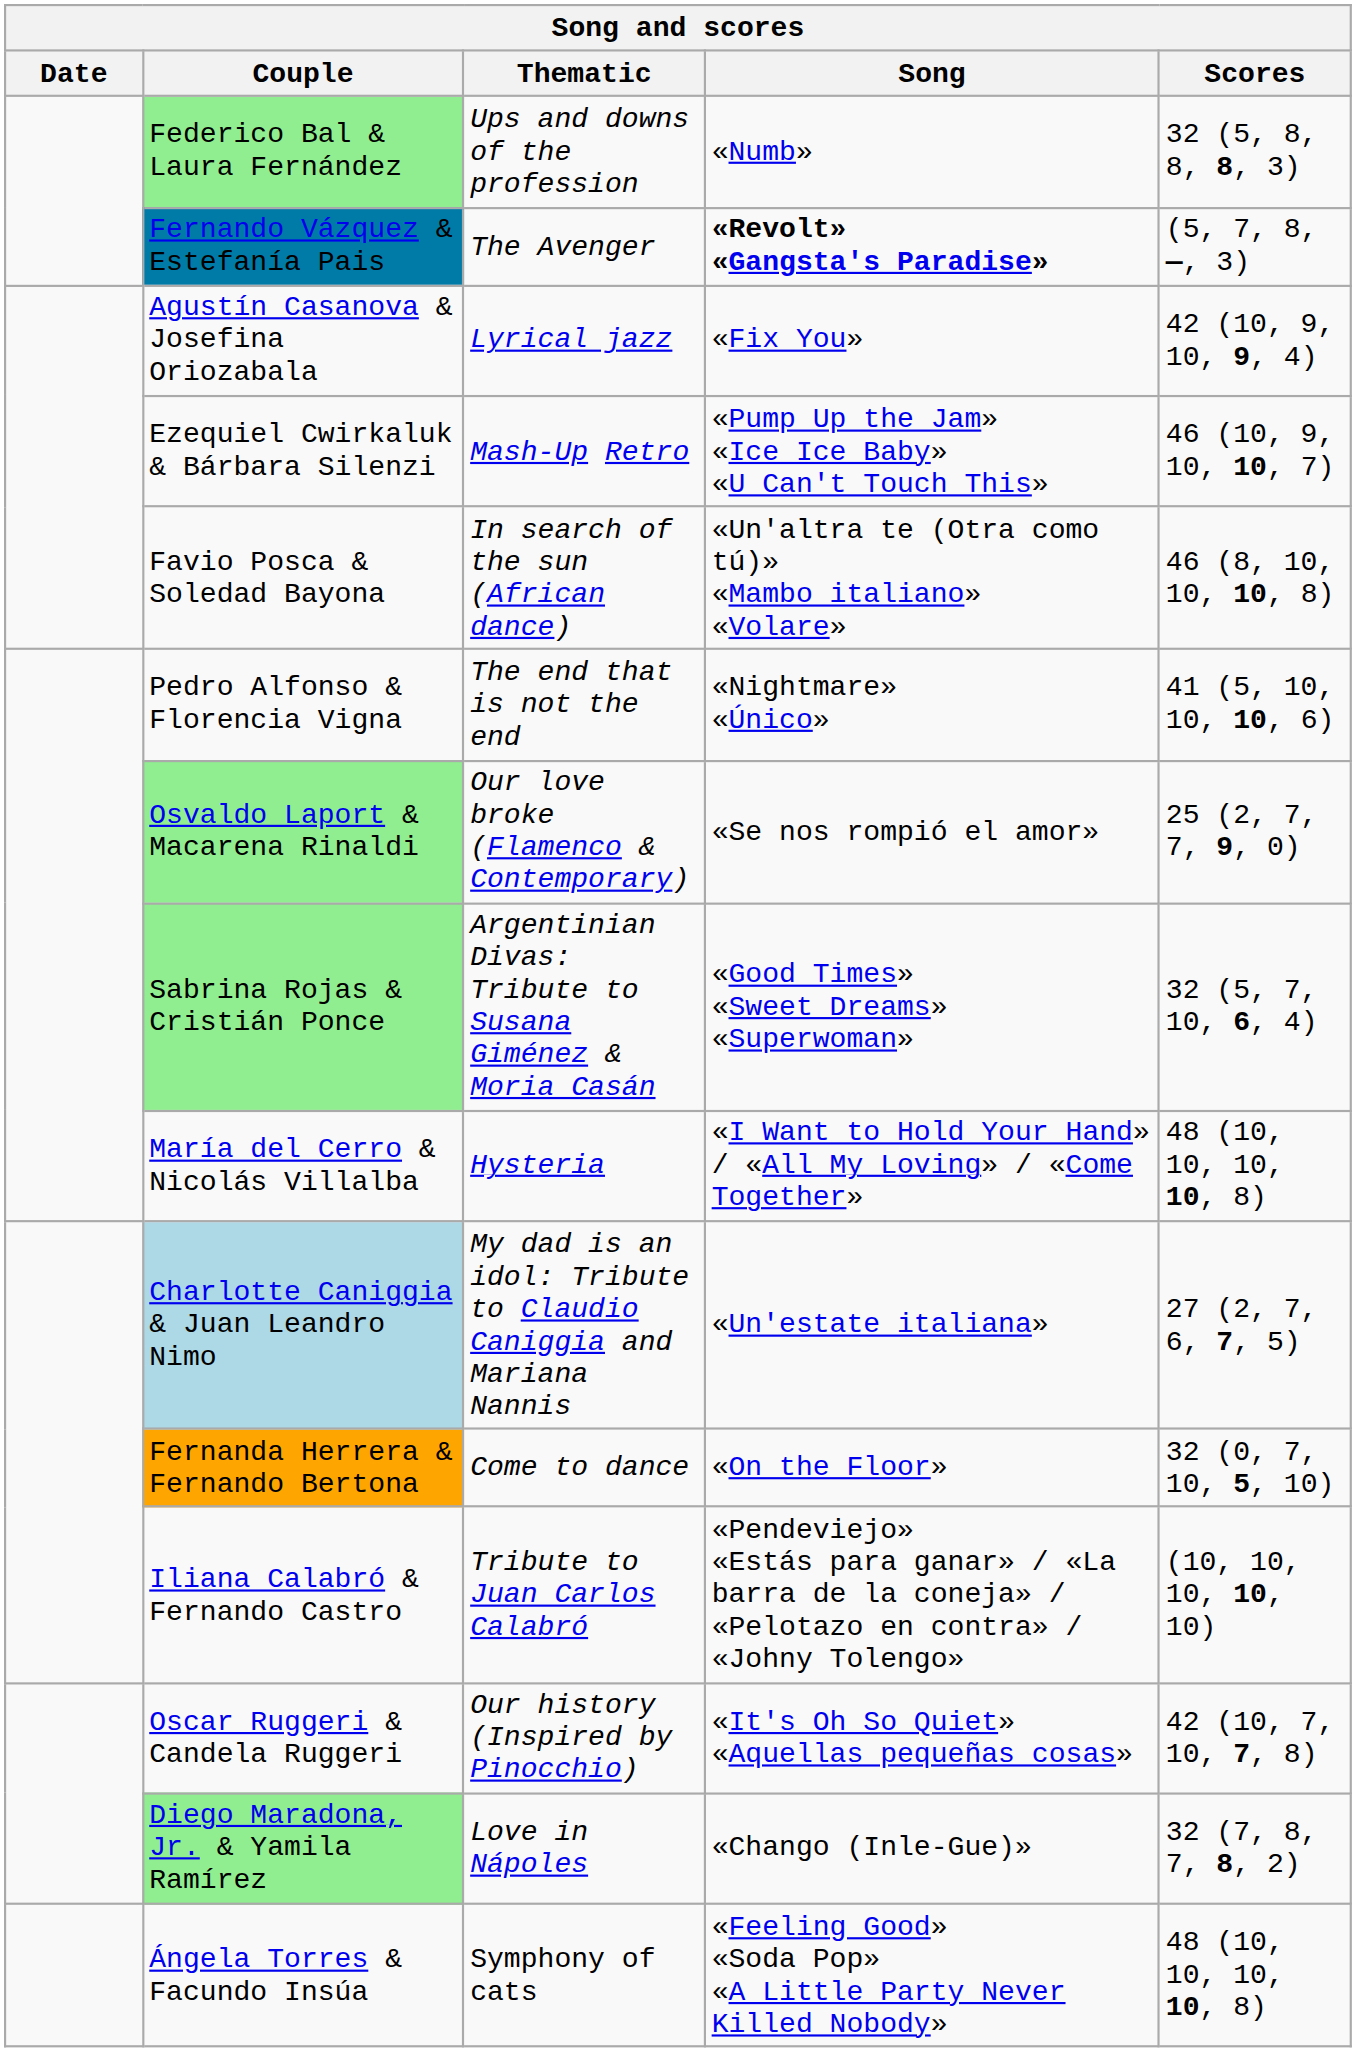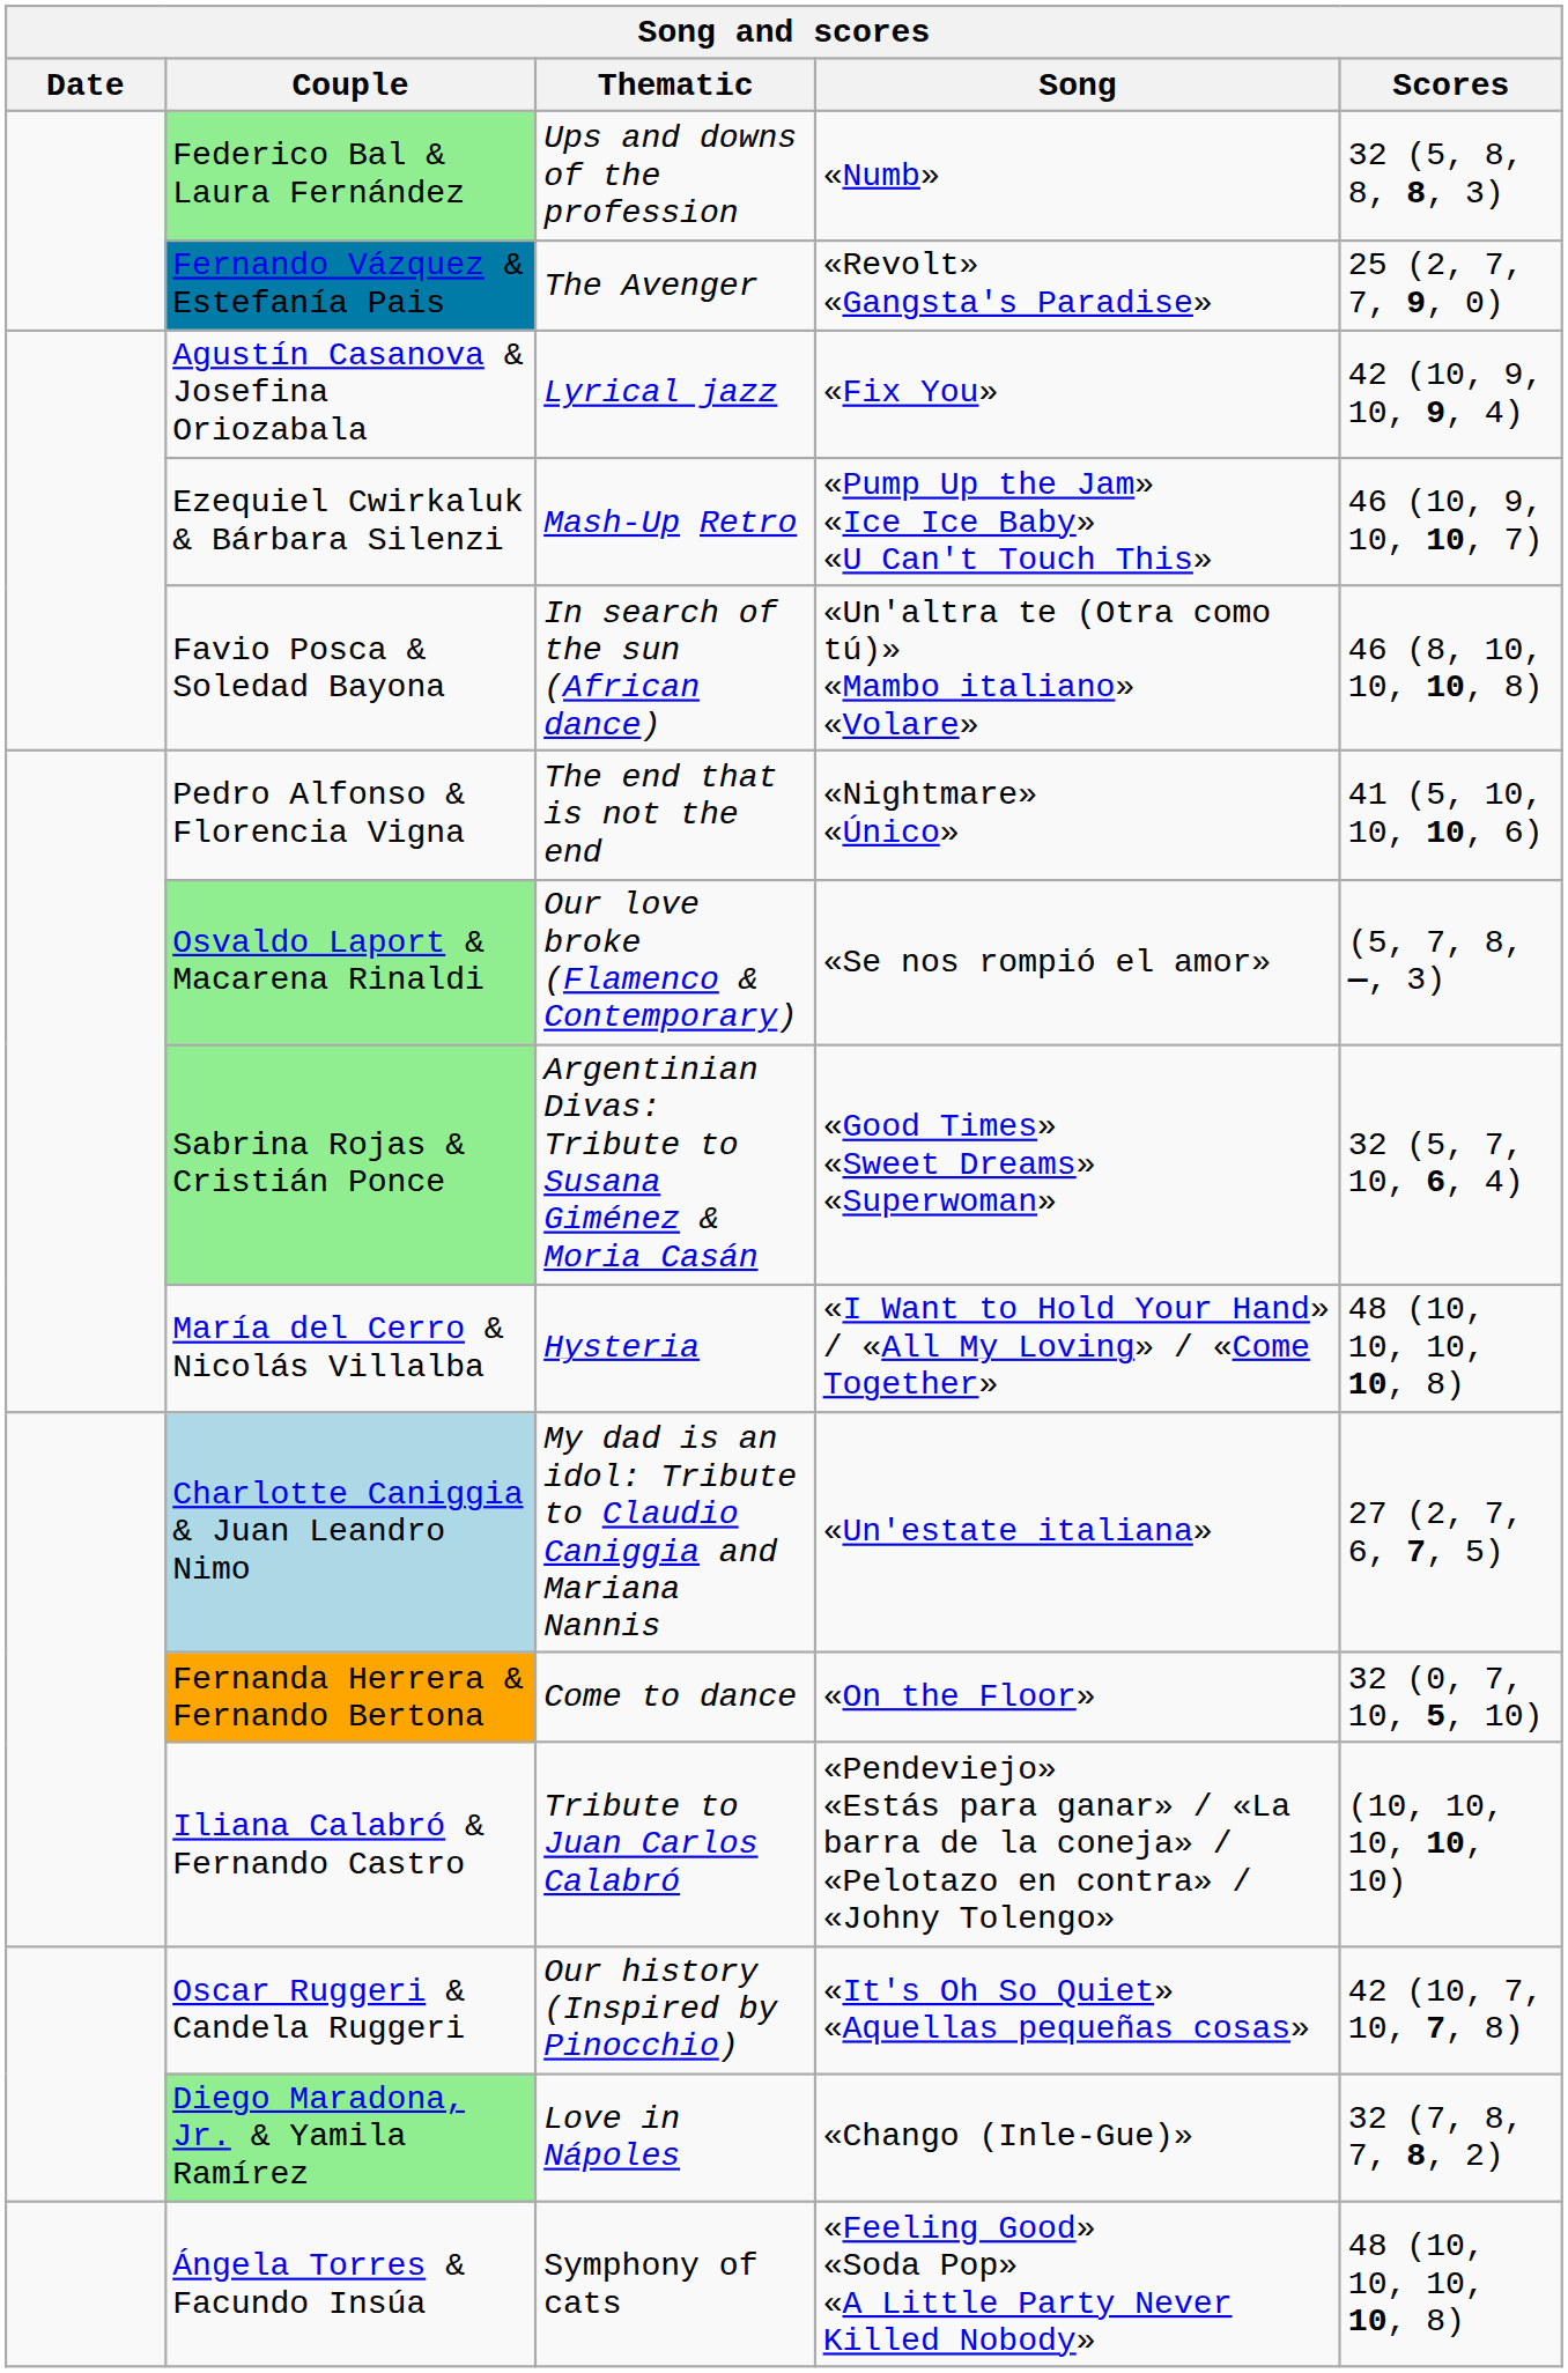 <table class="wikitable collapsible collapsed" style=" text-align: align; width: 100%;">
 <tr>
 <th colspan="11" style="with: 100%;" align="center">Song and scores</th>
 </tr>
 <tr>
 <th width=85>Date</th>
 <th width=210>Couple</th>
 <th width=110>Thematic</th>
 <th width=320>Song</th>
 <th width=120>Scores</th>
 </tr>
 <tr>
 <td rowspan="2"></td>
 <td bgcolor="lightgreen">Federico Bal & Laura Fernández</td>
 <td><em>Ups and downs of the profession</em></td>
 <td>«<a href='#'>Numb</a>» </td>
 <td>32 (5, 8, 8, <strong>8</strong>, 3)</td>
 </tr>
 <tr>
 <td bgcolor="#007BA7"><a href='#'>Fernando Vázquez</a> & Estefanía Pais</td>
 <td><em>The Avenger</em></td>
-<td><strong>«Revolt» <br>«<a href='#'>Gangsta's Paradise</a>» </strong></td>
-<td> (5, 7, 8, <strong>—</strong>, 3)</td>
+<td>«Revolt» <br>«<a href='#'>Gangsta's Paradise</a>» </td>
+<td>25 (2, 7, 7, <strong>9</strong>, 0)</td>
 </tr>
 <tr>
 <td rowspan="3"></td>
 <td bgcolor=""><a href='#'>Agustín Casanova</a> & Josefina Oriozabala</td>
 <td><em><a href='#'>Lyrical jazz</a></em></td>
 <td>«<a href='#'>Fix You</a>» </td>
 <td>42 (10, 9, 10, <strong>9</strong>, 4)</td>
 </tr>
 <tr>
 <td bgcolor="">Ezequiel Cwirkaluk & Bárbara Silenzi</td>
 <td><em><a href='#'>Mash-Up</a> <a href='#'>Retro</a></em></td>
 <td>«<a href='#'>Pump Up the Jam</a>» <br>«<a href='#'>Ice Ice Baby</a>» <br>«<a href='#'>U Can't Touch This</a>» </td>
 <td>46 (10, 9, 10, <strong>10</strong>, 7)</td>
 </tr>
 <tr>
 <td bgcolor="">Favio Posca & Soledad Bayona</td>
 <td><em>In search of the sun<br>(<a href='#'>African dance</a>)</em></td>
 <td>«Un'altra te (Otra como tú)» <br>«<a href='#'>Mambo italiano</a>» <br>«<a href='#'>Volare</a>» </td>
 <td>46 (8, 10, 10, <strong>10</strong>, 8)</td>
 </tr>
 <tr>
 <td rowspan="4"></td>
 <td bgcolor="">Pedro Alfonso & Florencia Vigna</td>
 <td><em>The end that is not the end</em></td>
 <td>«Nightmare» <br>«<a href='#'>Único</a>» </td>
 <td>41 (5, 10, 10, <strong>10</strong>, 6)</td>
 </tr>
 <tr>
 <td bgcolor="lightgreen"><a href='#'>Osvaldo Laport</a> & Macarena Rinaldi</td>
 <td><em>Our love broke<br>(<a href='#'>Flamenco</a> & <a href='#'>Contemporary</a>)</em></td>
 <td>«Se nos rompió el amor» </td>
-<td>25 (2, 7, 7, <strong>9</strong>, 0)</td>
+<td> (5, 7, 8, <strong>—</strong>, 3)</td>
 </tr>
 <tr>
 <td bgcolor="lightgreen">Sabrina Rojas & Cristián Ponce</td>
 <td><em>Argentinian Divas: Tribute to <a href='#'>Susana Giménez</a> & <a href='#'>Moria Casán</a></em></td>
 <td>«<a href='#'>Good Times</a>» <br>«<a href='#'>Sweet Dreams</a>» <br>«<a href='#'>Superwoman</a>» </td>
 <td>32 (5, 7, 10, <strong>6</strong>, 4)</td>
 </tr>
 <tr>
 <td bgcolor=""><a href='#'>María del Cerro</a> & Nicolás Villalba</td>
 <td><em><a href='#'>Hysteria</a></em></td>
 <td>«<a href='#'>I Want to Hold Your Hand</a>» / «<a href='#'>All My Loving</a>» / «<a href='#'>Come Together</a>» </td>
 <td>48 (10, 10, 10, <strong>10</strong>, 8)</td>
 </tr>
 <tr>
 <td rowspan="3"></td>
 <td bgcolor="lightblue"><a href='#'>Charlotte Caniggia</a> & Juan Leandro Nimo</td>
 <td><em>My dad is an idol: Tribute to <a href='#'>Claudio Caniggia</a> and Mariana Nannis</em></td>
 <td>«<a href='#'>Un'estate italiana</a>» </td>
 <td>27 (2, 7, 6, <strong>7</strong>, 5)</td>
 </tr>
 <tr>
 <td bgcolor="orange">Fernanda Herrera & Fernando Bertona</td>
 <td><em>Come to dance</em></td>
 <td>«<a href='#'>On the Floor</a>» </td>
 <td>32 (0, 7, 10, <strong>5</strong>, 10)</td>
 </tr>
 <tr>
 <td bgcolor=""><a href='#'>Iliana Calabró</a> & Fernando Castro</td>
 <td><em>Tribute to <a href='#'>Juan Carlos Calabró</a></em></td>
 <td>«Pendeviejo» <br>«Estás para ganar» / «La barra de la coneja» / «Pelotazo en contra» / «Johny Tolengo» </td>
 <td> (10, 10, 10, <strong>10</strong>, 10)</td>
 </tr>
 <tr>
 <td rowspan="2"></td>
 <td bgcolor=""><a href='#'>Oscar Ruggeri</a> & Candela Ruggeri</td>
 <td><em>Our history<br>(Inspired by <a href='#'>Pinocchio</a>)</em></td>
 <td>«<a href='#'>It's Oh So Quiet</a>» <br>«<a href='#'>Aquellas pequeñas cosas</a>» </td>
 <td>42 (10, 7, 10, <strong>7</strong>, 8)</td>
 </tr>
 <tr>
 <td bgcolor="lightgreen"><a href='#'>Diego Maradona, Jr.</a> & Yamila Ramírez</td>
 <td><em>Love in <a href='#'>Nápoles</a></em></td>
 <td>«Chango (Inle-Gue)» </td>
 <td>32 (7, 8, 7, <strong>8</strong>, 2)</td>
 </tr>
 <tr>
 <td rowspan="1"></td>
 <td bgcolor=""><a href='#'>Ángela Torres</a> & Facundo Insúa</td>
 <td>Symphony of cats</td>
 <td>«<a href='#'>Feeling Good</a>» <br>«Soda Pop» <br>«<a href='#'>A Little Party Never Killed Nobody</a>» </td>
 <td>48 (10, 10, 10, <strong>10</strong>, 8)</td>
 </tr>
 </table>
